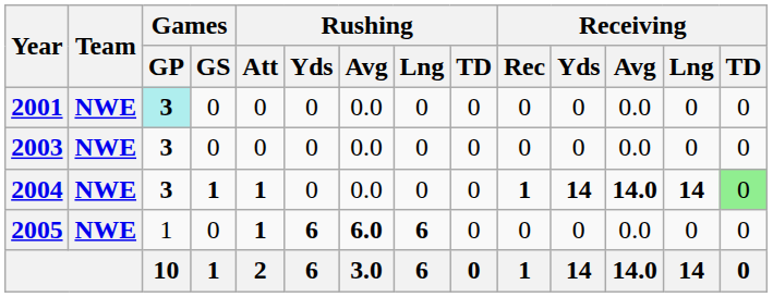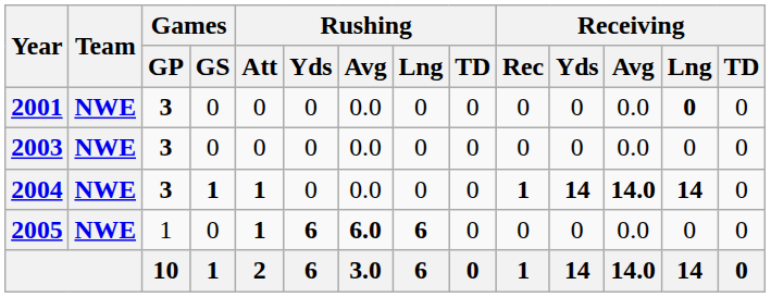 <table class="wikitable" style="text-align:center;">
 <tr>
 <th rowspan="2">Year</th>
 <th rowspan="2">Team</th>
 <th colspan="2">Games</th>
 <th colspan="5">Rushing</th>
 <th colspan="5">Receiving</th>
 </tr>
 <tr>
 <th>GP</th>
 <th>GS</th>
 <th>Att</th>
 <th>Yds</th>
 <th>Avg</th>
 <th>Lng</th>
 <th>TD</th>
 <th>Rec</th>
 <th>Yds</th>
 <th>Avg</th>
 <th>Lng</th>
 <th>TD</th>
 </tr>
 <tr>
 <th><a href='#'>2001</a></th>
 <th><a href='#'>NWE</a></th>
-<td style="background: paleturquoise;"><strong>3</strong></td>
+<td><strong>3</strong></td>
 <td>0</td>
 <td>0</td>
 <td>0</td>
 <td>0.0</td>
 <td>0</td>
 <td>0</td>
 <td>0</td>
 <td>0</td>
 <td>0.0</td>
-<td>0</td>
+<td><strong>0</strong></td>
 <td>0</td>
 </tr>
 <tr>
 <th><a href='#'>2003</a></th>
 <th><a href='#'>NWE</a></th>
 <td><strong>3</strong></td>
 <td>0</td>
 <td>0</td>
 <td>0</td>
 <td>0.0</td>
 <td>0</td>
 <td>0</td>
 <td>0</td>
 <td>0</td>
 <td>0.0</td>
 <td>0</td>
 <td>0</td>
 </tr>
 <tr>
 <th><a href='#'>2004</a></th>
 <th><a href='#'>NWE</a></th>
 <td><strong>3</strong></td>
 <td><strong>1</strong></td>
 <td><strong>1</strong></td>
 <td>0</td>
 <td>0.0</td>
 <td>0</td>
 <td>0</td>
 <td><strong>1</strong></td>
 <td><strong>14</strong></td>
 <td><strong>14.0</strong></td>
 <td><strong>14</strong></td>
-<td style="background: lightgreen;">0</td>
+<td>0</td>
 </tr>
 <tr>
 <th><a href='#'>2005</a></th>
 <th><a href='#'>NWE</a></th>
 <td>1</td>
 <td>0</td>
 <td><strong>1</strong></td>
 <td><strong>6</strong></td>
 <td><strong>6.0</strong></td>
 <td><strong>6</strong></td>
 <td>0</td>
 <td>0</td>
 <td>0</td>
 <td>0.0</td>
 <td>0</td>
 <td>0</td>
 </tr>
 <tr>
 <th colspan="2"></th>
 <th>10</th>
 <th>1</th>
 <th>2</th>
 <th>6</th>
 <th>3.0</th>
 <th>6</th>
 <th>0</th>
 <th>1</th>
 <th>14</th>
 <th>14.0</th>
 <th>14</th>
 <th>0</th>
 </tr>
 </table>
